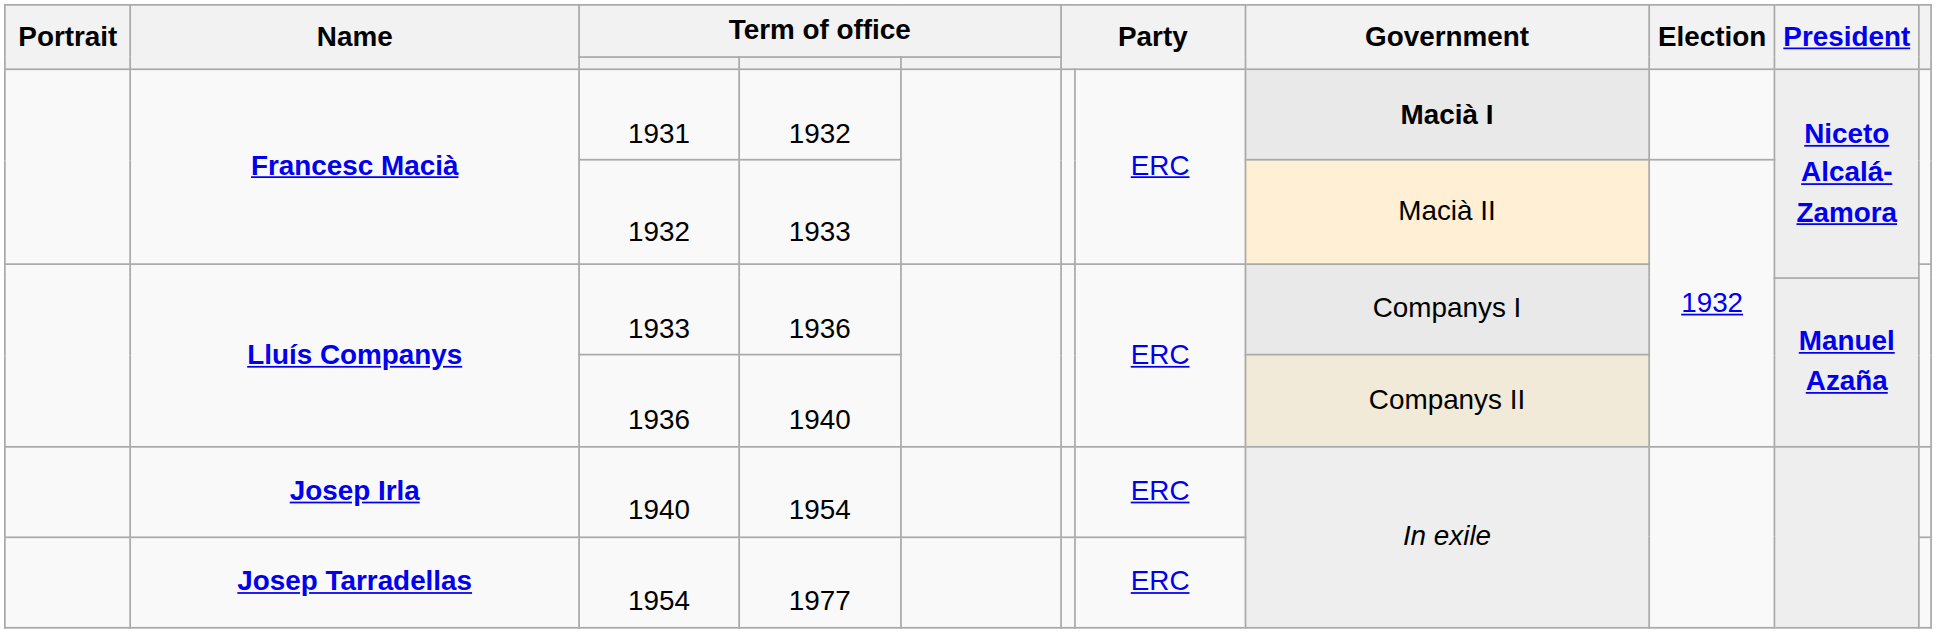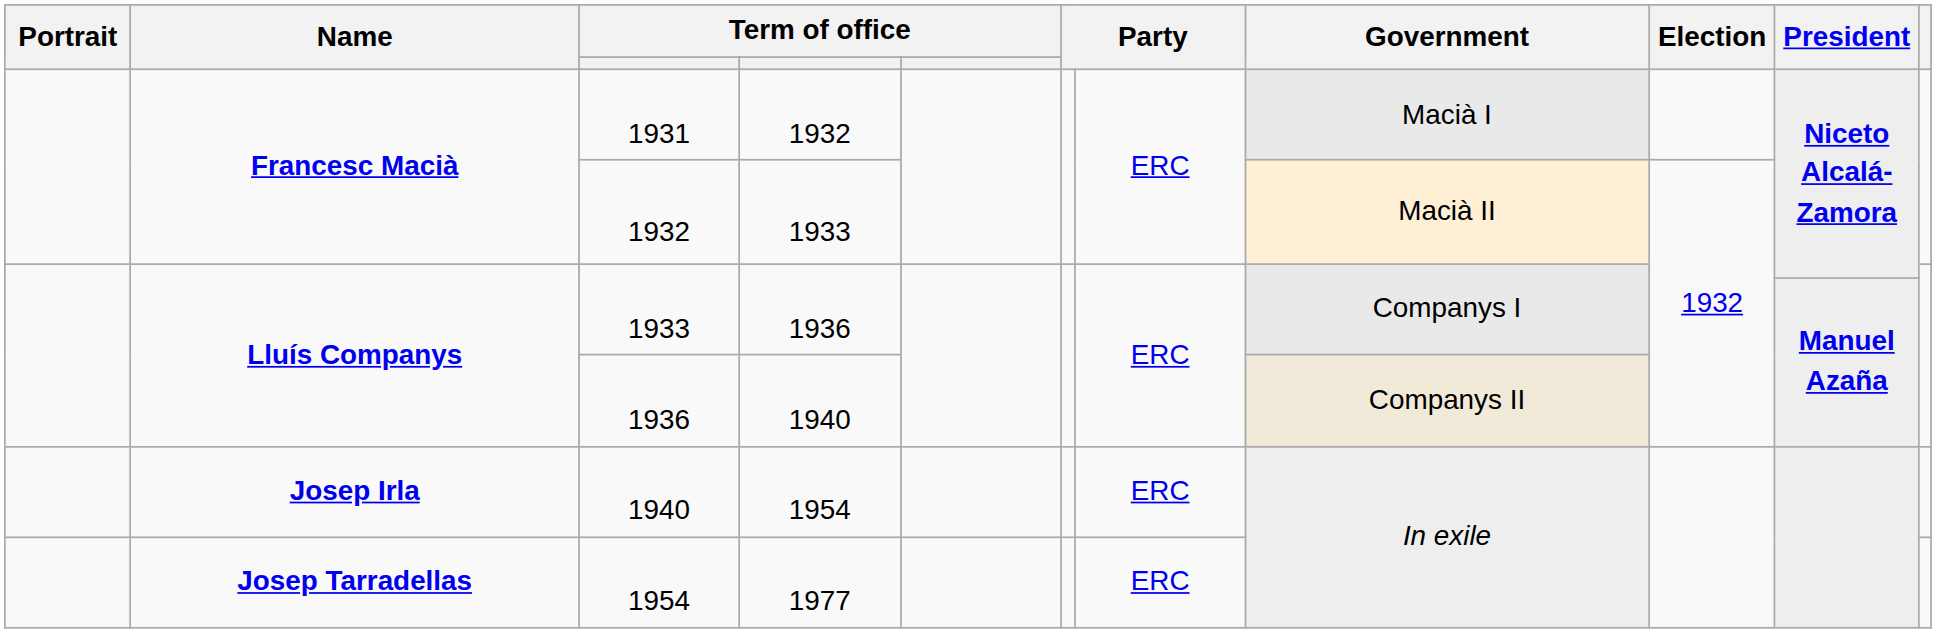 <table class="wikitable" style="line-height:1.4em; text-align:center; border:1px #aaf solid;">
 <tr>
 <th rowspan="2" width="65">Portrait</th>
 <th rowspan="2" width="250">Name<br></th>
 <th colspan="3">Term of office</th>
 <th rowspan="2" colspan="2" width="90">Party</th>
 <th rowspan="2" width="225">Government<br></th>
 <th rowspan="2" width="65">Election</th>
 <th rowspan="2" width="75"><a href='#'>President</a><br></th>
 <th rowspan="2"></th>
 </tr>
 <tr>
 <th width="85"></th>
 <th width="85"></th>
 <th width="85"></th>
 </tr>
 <tr>
 <td rowspan="2" width="65"></td>
 <td rowspan="2"><strong><a href='#'>Francesc Macià</a></strong><br></td>
 <td class="nowrap"><br>1931</td>
 <td class="nowrap"><br>1932</td>
 <td rowspan="2" style="font-size:95%;"></td>
 <td rowspan="2" width="1" style="background:"></td>
 <td rowspan="2" width="90"><a href='#'>ERC</a></td>
-<td style="background:#E9E9E9;"><strong>Macià I<br></strong></td>
+<td style="background:#E9E9E9;">Macià I<br></td>
 <td style="color:#ccc;"></td>
 <td rowspan="3" scope="row" bgcolor="#EEEEEE"><br><strong><a href='#'>Niceto<br>Alcalá-Zamora</a></strong><br><br></td>
 <td rowspan="2"></td>
 </tr>
 <tr>
 <td class="nowrap"><br>1932</td>
 <td class="nowrap"><br>1933</td>
 <td style="background:#FFEFD5;">Macià II<br></td>
 <td rowspan="4"><a href='#'>1932</a></td>
 </tr>
 <tr>
 <td rowspan="3"></td>
 <td rowspan="3"><strong><a href='#'>Lluís Companys</a></strong><br></td>
 <td rowspan="2" class="nowrap"><br>1933</td>
 <td rowspan="2" class="nowrap"><br>1936</td>
 <td rowspan="3" style="font-size:95%;"></td>
 <td rowspan="3" style="color:inherit;background:"></td>
 <td rowspan="3"><a href='#'>ERC</a></td>
 <td rowspan="2" style="background:#E9E9E9;">Companys I<br></td>
 <td rowspan="3"></td>
 </tr>
 <tr>
 <td rowspan="2" scope="row" bgcolor="#EEEEEE"><br><strong><a href='#'>Manuel Azaña</a></strong><br><br></td>
 </tr>
 <tr>
 <td class="nowrap"><br>1936</td>
 <td class="nowrap"><br>1940<br></td>
 <td style="background:#F1EAD8;">Companys II<br></td>
 </tr>
 <tr>
 <td></td>
 <td><strong><a href='#'>Josep Irla</a></strong><br></td>
 <td class="nowrap"><br>1940</td>
 <td class="nowrap"><br>1954</td>
 <td style="font-size:95%;"></td>
 <td style="color:inherit;background:"></td>
 <td><a href='#'>ERC</a></td>
 <td rowspan="2" style="background:#EEEEEE;"><em>In exile</em></td>
 <td rowspan="2" style="color:#ccc;"></td>
 <td rowspan="2" scope="row" bgcolor="#EEEEEE"><br></td>
 <td></td>
 </tr>
 <tr>
 <td></td>
 <td><strong><a href='#'>Josep Tarradellas</a></strong><br></td>
 <td class="nowrap"><br>1954</td>
 <td class="nowrap"><br>1977</td>
 <td style="font-size:95%;"></td>
 <td style="color:inherit;background:"></td>
 <td><a href='#'>ERC</a></td>
 <td></td>
 </tr>
 </table>
